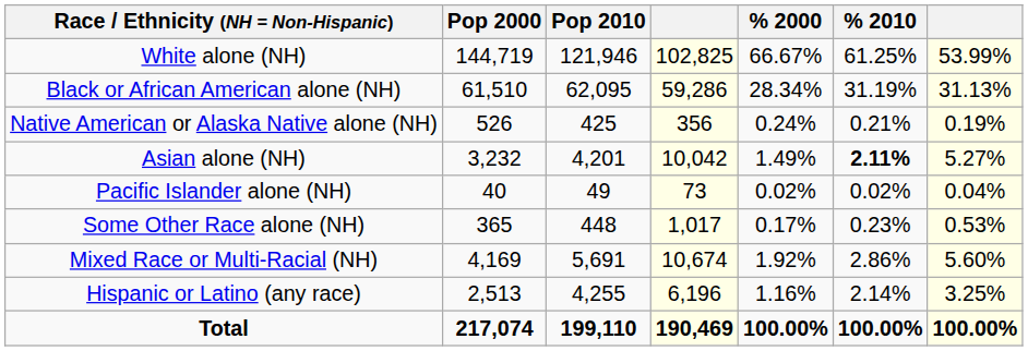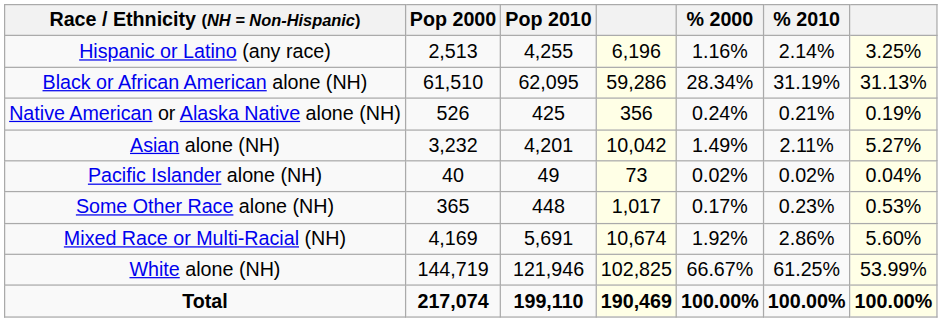 <table class="wikitable" style="text-align:center;">
 <tr>
 <th>Race / Ethnicity <small>(<em>NH = Non-Hispanic</em>)</small></th>
 <th>Pop 2000</th>
 <th>Pop 2010</th>
 <th></th>
 <th>% 2000</th>
 <th>% 2010</th>
 <th></th>
 </tr>
 <tr>
-<td><a href='#'>White</a> alone (NH)</td>
-<td>144,719</td>
-<td>121,946</td>
-<td style='background: #ffffe6;'>102,825</td>
-<td>66.67%</td>
-<td>61.25%</td>
-<td style='background: #ffffe6;'>53.99%</td>
+<td><a href='#'>Hispanic or Latino</a> (any race)</td>
+<td>2,513</td>
+<td>4,255</td>
+<td style='background: #ffffe6;'>6,196</td>
+<td>1.16%</td>
+<td>2.14%</td>
+<td style='background: #ffffe6;'>3.25%</td>
 </tr>
 <tr>
 <td><a href='#'>Black or African American</a> alone (NH)</td>
 <td>61,510</td>
 <td>62,095</td>
 <td style='background: #ffffe6;'>59,286</td>
 <td>28.34%</td>
 <td>31.19%</td>
 <td style='background: #ffffe6;'>31.13%</td>
 </tr>
 <tr>
 <td><a href='#'>Native American</a> or <a href='#'>Alaska Native</a> alone (NH)</td>
 <td>526</td>
 <td>425</td>
 <td style='background: #ffffe6;'>356</td>
 <td>0.24%</td>
 <td>0.21%</td>
 <td style='background: #ffffe6;'>0.19%</td>
 </tr>
 <tr>
 <td><a href='#'>Asian</a> alone (NH)</td>
 <td>3,232</td>
 <td>4,201</td>
 <td style='background: #ffffe6;'>10,042</td>
 <td>1.49%</td>
-<td><strong>2.11%</strong></td>
+<td>2.11%</td>
 <td style='background: #ffffe6;'>5.27%</td>
 </tr>
 <tr>
 <td><a href='#'>Pacific Islander</a> alone (NH)</td>
 <td>40</td>
 <td>49</td>
 <td style='background: #ffffe6;'>73</td>
 <td>0.02%</td>
 <td>0.02%</td>
 <td style='background: #ffffe6;'>0.04%</td>
 </tr>
 <tr>
 <td><a href='#'>Some Other Race</a> alone (NH)</td>
 <td>365</td>
 <td>448</td>
 <td style='background: #ffffe6;'>1,017</td>
 <td>0.17%</td>
 <td>0.23%</td>
 <td style='background: #ffffe6;'>0.53%</td>
 </tr>
 <tr>
 <td><a href='#'>Mixed Race or Multi-Racial</a> (NH)</td>
 <td>4,169</td>
 <td>5,691</td>
 <td style='background: #ffffe6;'>10,674</td>
 <td>1.92%</td>
 <td>2.86%</td>
 <td style='background: #ffffe6;'>5.60%</td>
 </tr>
 <tr>
-<td><a href='#'>Hispanic or Latino</a> (any race)</td>
-<td>2,513</td>
-<td>4,255</td>
-<td style='background: #ffffe6;'>6,196</td>
-<td>1.16%</td>
-<td>2.14%</td>
-<td style='background: #ffffe6;'>3.25%</td>
+<td><a href='#'>White</a> alone (NH)</td>
+<td>144,719</td>
+<td>121,946</td>
+<td style='background: #ffffe6;'>102,825</td>
+<td>66.67%</td>
+<td>61.25%</td>
+<td style='background: #ffffe6;'>53.99%</td>
 </tr>
 <tr>
 <td><strong>Total</strong></td>
 <td><strong>217,074</strong></td>
 <td><strong>199,110</strong></td>
 <td style='background: #ffffe6;'><strong>190,469</strong></td>
 <td><strong>100.00%</strong></td>
 <td><strong>100.00%</strong></td>
 <td style='background: #ffffe6;'><strong>100.00%</strong></td>
 </tr>
 </table>
